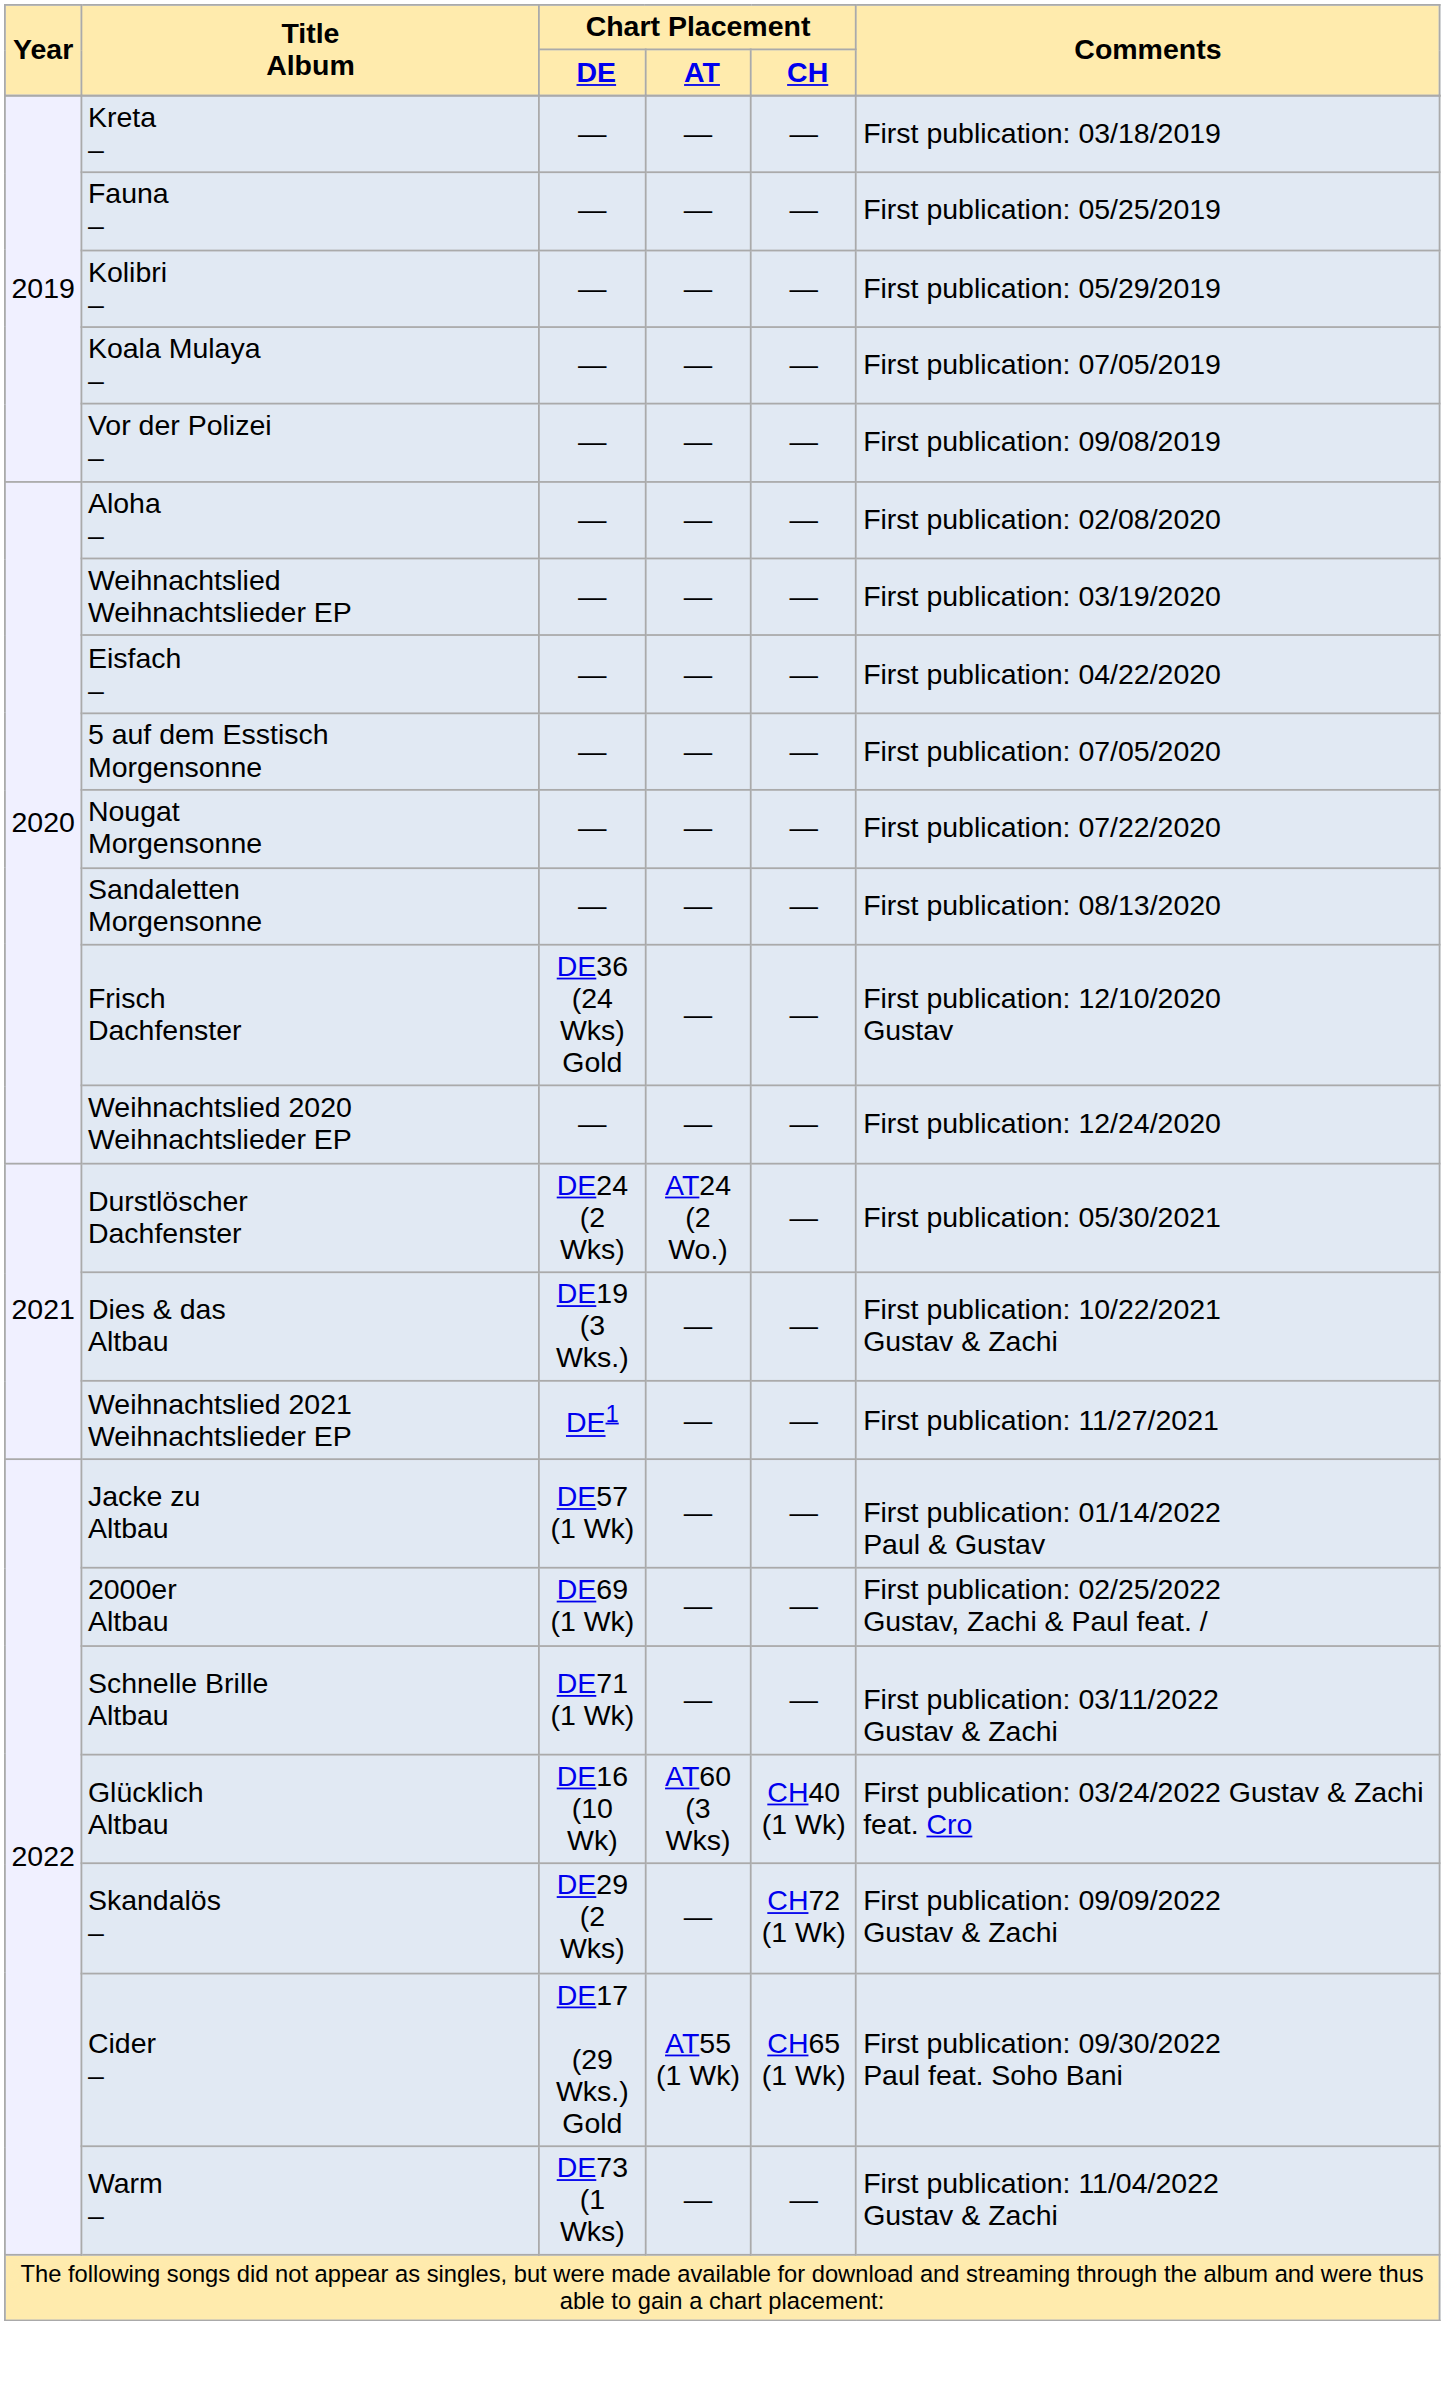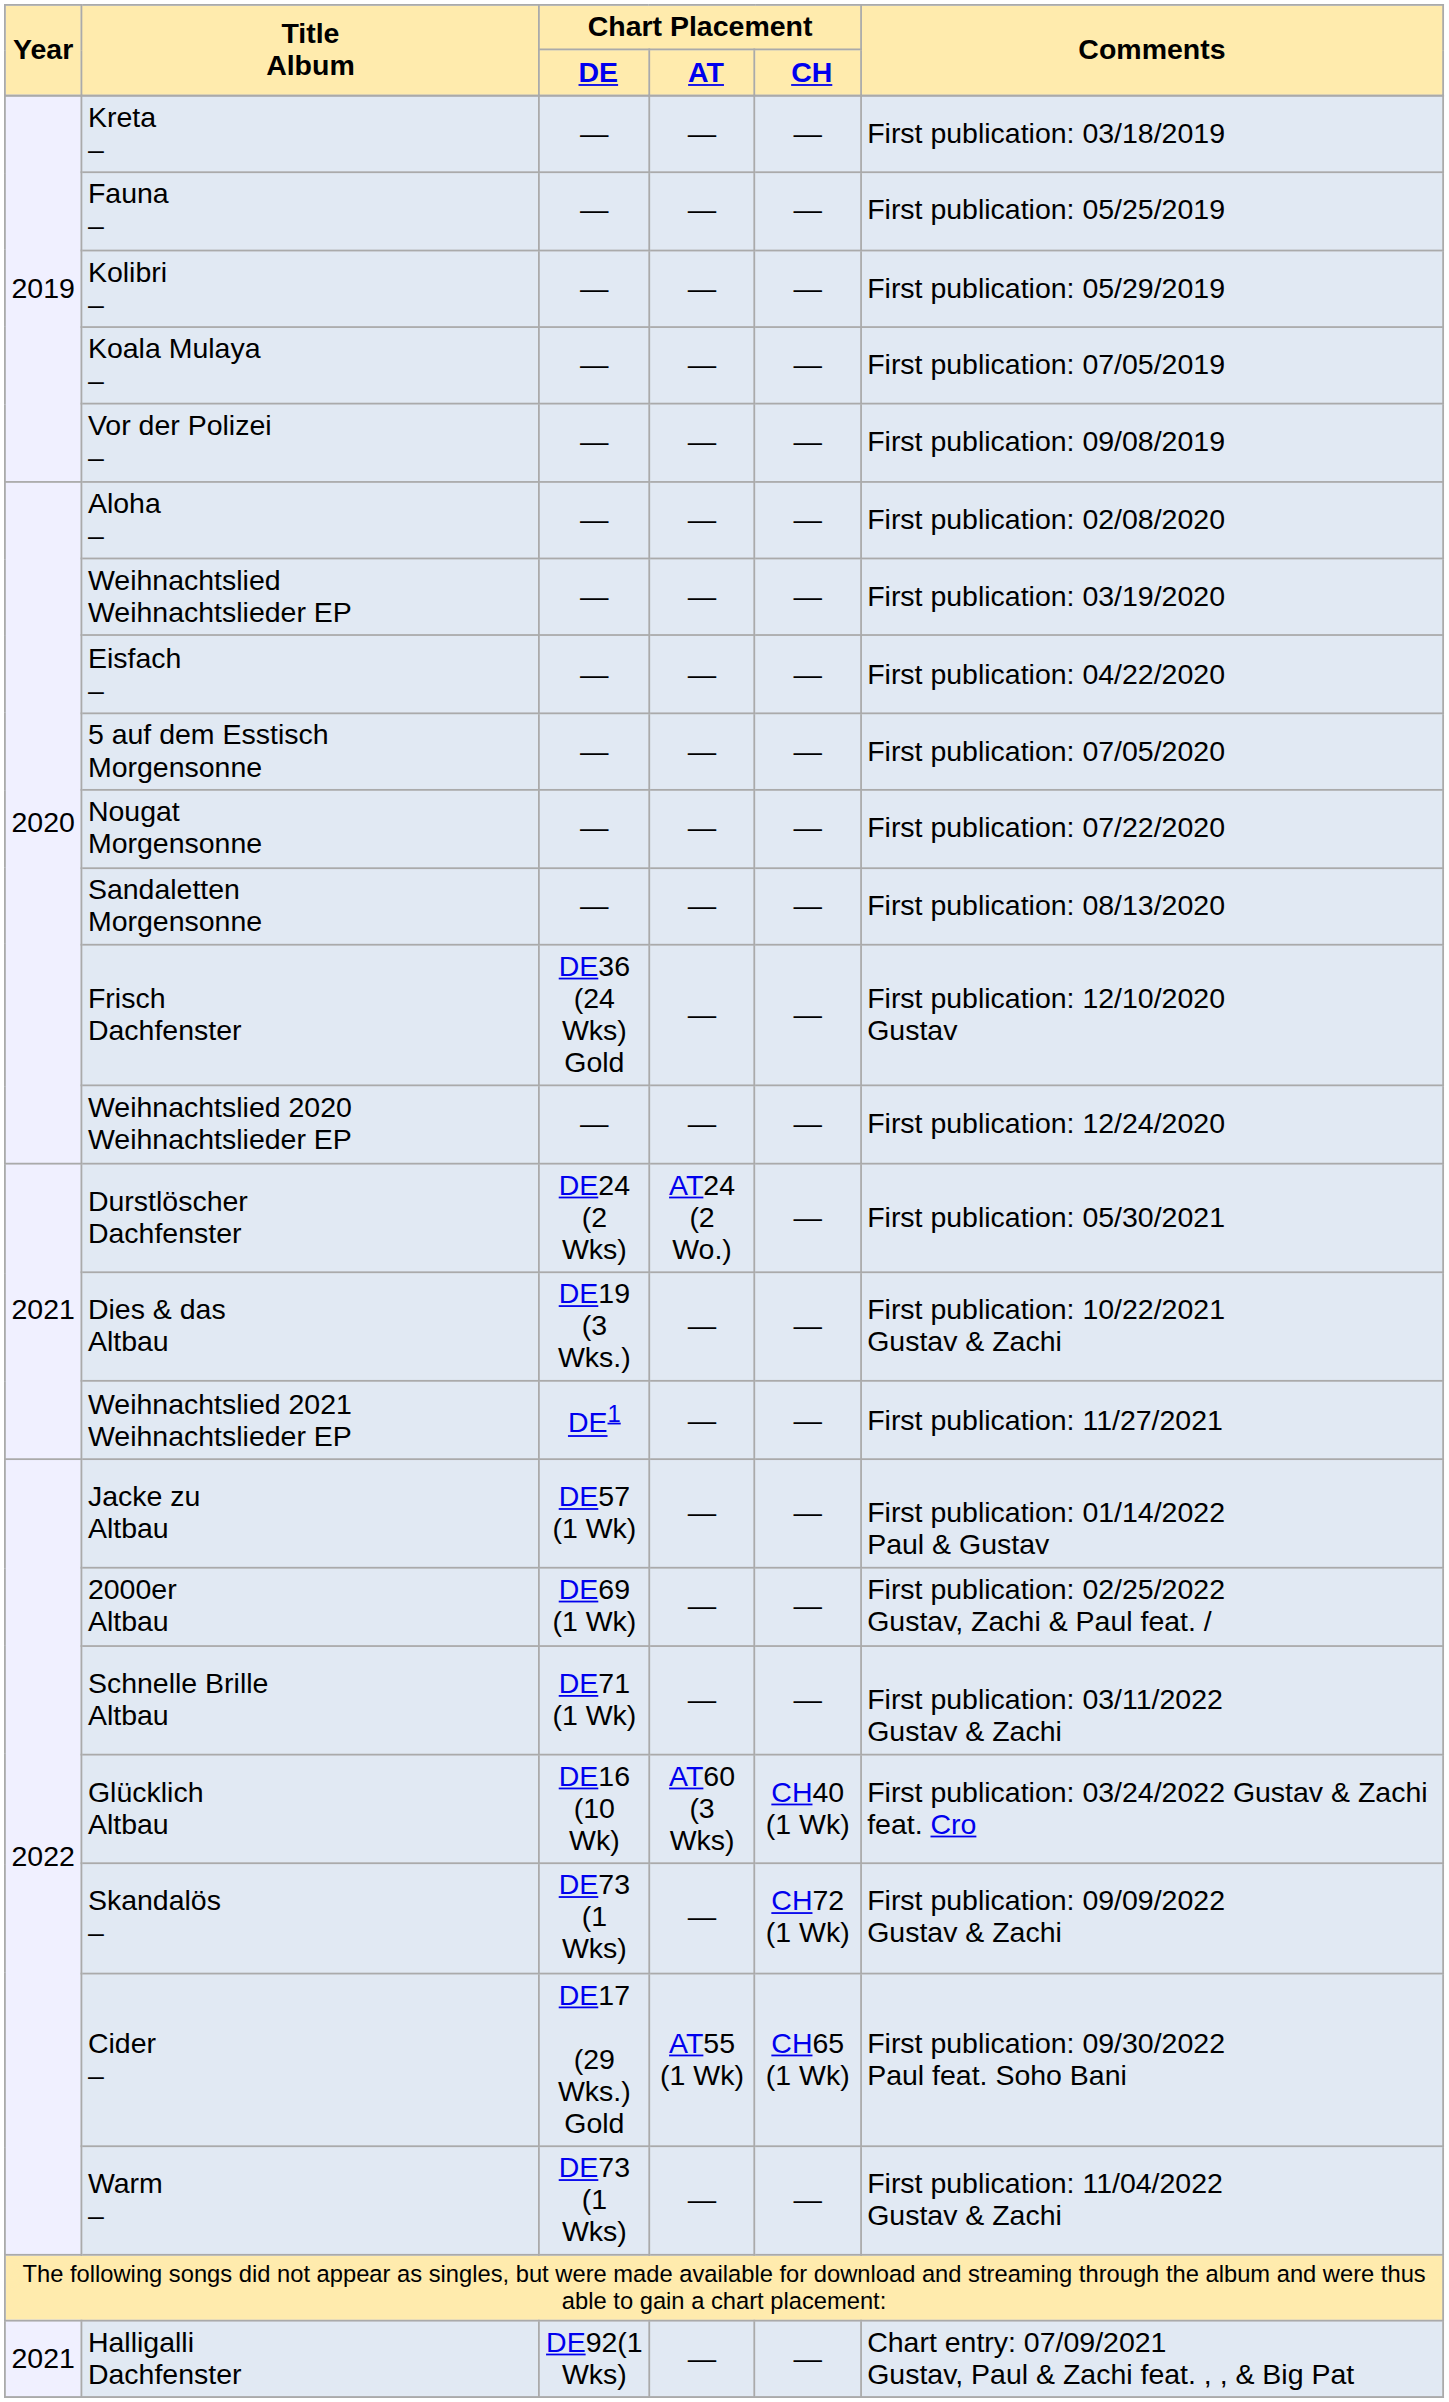 <table class="wikitable charts-table charts-tbor charts-stickyhead charts-zebragrey" style="text-align:center; background-color:#E1E9F3;">
 <tr>
 <th rowspan="2" style="width:25px;background-color:#FFEBAD;" class="charts-th charts-trh">Year</th>
 <th rowspan="2" style="width:250px;background-color:#FFEBAD;" class="charts-th charts-trh">Title<br><span>Album</span></th>
 <th colspan="3" style="width:25px;background-color:#FFEBAD;" class="charts-th"><span><span><span>Chart Placement</span></span></span></th>
 <th rowspan="2" style="width:320px;background-color:#FFEBAD;" class="charts-th charts-trh">Comments</th>
 </tr>
 <tr class="charts-trh">
 <th style="width:52px;background-color:#FFEBAD;" class="charts-th"> <a href='#'>DE</a></th>
 <th style="width:52px;background-color:#FFEBAD;" class="charts-th"> <a href='#'>AT</a></th>
 <th style="width:52px;background-color:#FFEBAD;" class="charts-th"> <a href='#'>CH</a></th>
 </tr>
 <tr>
 </tr>
 <tr>
 <td rowspan="5" style="background-color:#f0f0ff;">2019</td>
 <td style="text-align:left;">Kreta<br><span>–</span></td>
 <td class="charts-hidm">—</td>
 <td class="charts-hidm">—</td>
 <td class="charts-hidm">—</td>
 <td style="text-align:left;">First publication:  03/18/2019</td>
 </tr>
 <tr>
 <td style="text-align:left;">Fauna<br><span>–</span></td>
 <td class="charts-hidm">—</td>
 <td class="charts-hidm">—</td>
 <td class="charts-hidm">—</td>
 <td style="text-align:left;">First publication:  05/25/2019</td>
 </tr>
 <tr>
 <td style="text-align:left;">Kolibri<br><span>–</span></td>
 <td class="charts-hidm">—</td>
 <td class="charts-hidm">—</td>
 <td class="charts-hidm">—</td>
 <td style="text-align:left;">First publication: 05/29/2019</td>
 </tr>
 <tr>
 <td style="text-align:left;">Koala Mulaya<br><span>–</span></td>
 <td class="charts-hidm">—</td>
 <td class="charts-hidm">—</td>
 <td class="charts-hidm">—</td>
 <td style="text-align:left;">First publication: 07/05/2019</td>
 </tr>
 <tr>
 <td style="text-align:left;">Vor der Polizei<br><span>–</span></td>
 <td class="charts-hidm">—</td>
 <td class="charts-hidm">—</td>
 <td class="charts-hidm">—</td>
 <td style="text-align:left;">First publication: 09/08/2019</td>
 </tr>
 <tr>
 <td rowspan="8" style="background-color:#f0f0ff;">2020</td>
 <td style="text-align:left;">Aloha<br><span>–</span></td>
 <td class="charts-hidm">—</td>
 <td class="charts-hidm">—</td>
 <td class="charts-hidm">—</td>
 <td style="text-align:left;">First publication: 02/08/2020</td>
 </tr>
 <tr>
 <td style="text-align:left;">Weihnachtslied<br><span>Weihnachtslieder EP</span></td>
 <td class="charts-hidm">—</td>
 <td class="charts-hidm">—</td>
 <td class="charts-hidm">—</td>
 <td style="text-align:left;">First publication: 03/19/2020</td>
 </tr>
 <tr>
 <td style="text-align:left;">Eisfach<br><span>–</span></td>
 <td class="charts-hidm">—</td>
 <td class="charts-hidm">—</td>
 <td class="charts-hidm">—</td>
 <td style="text-align:left;">First publication: 04/22/2020</td>
 </tr>
 <tr>
 <td style="text-align:left;">5 auf dem Esstisch<br><span>Morgensonne</span></td>
 <td class="charts-hidm">—</td>
 <td class="charts-hidm">—</td>
 <td class="charts-hidm">—</td>
 <td style="text-align:left;">First publication: 07/05/2020</td>
 </tr>
 <tr>
 <td style="text-align:left;">Nougat<br><span>Morgensonne</span></td>
 <td class="charts-hidm">—</td>
 <td class="charts-hidm">—</td>
 <td class="charts-hidm">—</td>
 <td style="text-align:left;">First publication: 07/22/2020</td>
 </tr>
 <tr>
 <td style="text-align:left;">Sandaletten<br><span>Morgensonne</span></td>
 <td class="charts-hidm">—</td>
 <td class="charts-hidm">—</td>
 <td class="charts-hidm">—</td>
 <td style="text-align:left;">First publication: 08/13/2020</td>
 </tr>
 <tr>
 <td style="text-align:left;">Frisch<br><span>Dachfenster</span></td>
 <td><span><a href='#'>DE</a></span>36<br><span>(24 Wks)</span> <div><div></div><span>Gold</span></div></td>
 <td class="charts-hidm">—</td>
 <td class="charts-hidm">—</td>
 <td style="text-align:left;">First publication: 12/10/2020<br>Gustav</td>
 </tr>
 <tr>
 <td style="text-align:left;">Weihnachtslied 2020<br><span>Weihnachtslieder EP</span></td>
 <td class="charts-hidm">—</td>
 <td class="charts-hidm">—</td>
 <td class="charts-hidm">—</td>
 <td style="text-align:left;">First publication: 12/24/2020</td>
 </tr>
 <tr>
 <td rowspan="3" style="background-color:#f0f0ff;">2021</td>
 <td style="text-align:left;">Durstlöscher<br><span>Dachfenster</span></td>
 <td><span><a href='#'>DE</a></span>24<br><span>(2 Wks)</span></td>
 <td><span><a href='#'>AT</a></span>24<br><span>(2 Wo.)</span></td>
 <td class="charts-hidm">—</td>
 <td style="text-align:left;">First publication: 05/30/2021</td>
 </tr>
 <tr>
 <td style="text-align:left;">Dies & das<br><span>Altbau</span></td>
 <td><span><a href='#'>DE</a></span>19<br><span>(3 Wks.)</span></td>
 <td class="charts-hidm">—</td>
 <td class="charts-hidm">—</td>
 <td style="text-align:left;">First publication: 10/22/2021<br>Gustav & Zachi</td>
 </tr>
 <tr>
 <td style="text-align:left;">Weihnachtslied 2021<br><span>Weihnachtslieder EP</span></td>
 <td><span><a href='#'>DE</a></span><span><sup><a href='#'>1</a></sup></span></td>
 <td class="charts-hidm">—</td>
 <td class="charts-hidm">—</td>
 <td style="text-align:left;">First publication: 11/27/2021</td>
 </tr>
 <tr>
 <td rowspan="7" style="background-color:#f0f0ff;">2022</td>
 <td style="text-align:left;">Jacke zu<br><span>Altbau</span></td>
 <td><span><a href='#'>DE</a></span>57<br><span>(1 Wk)</span></td>
 <td class="charts-hidm">—</td>
 <td class="charts-hidm">—</td>
 <td style="text-align:left;"><br>First publication: 01/14/2022<br>Paul & Gustav</td>
 </tr>
 <tr>
 <td style="text-align:left;">2000er<br><span>Altbau</span></td>
 <td><span><a href='#'>DE</a></span>69<br><span>(1 Wk)</span></td>
 <td class="charts-hidm">—</td>
 <td class="charts-hidm">—</td>
 <td style="text-align:left;">First publication:  02/25/2022<br>Gustav, Zachi & Paul feat. /</td>
 </tr>
 <tr>
 <td style="text-align:left;">Schnelle Brille<br><span>Altbau</span></td>
 <td><span><a href='#'>DE</a></span>71<br><span>(1 Wk)</span></td>
 <td class="charts-hidm">—</td>
 <td class="charts-hidm">—</td>
 <td style="text-align:left;"><br>First publication: 03/11/2022<br>Gustav & Zachi</td>
 </tr>
 <tr>
 <td style="text-align:left;">Glücklich<br><span>Altbau</span></td>
 <td><span><a href='#'>DE</a></span>16<br><span>(10 Wk)</span></td>
 <td><span><a href='#'>AT</a></span>60<br><span>(3 Wks)</span></td>
 <td><span><a href='#'>CH</a></span>40<br><span>(1 Wk)</span></td>
 <td style="text-align:left;">First publication: 03/24/2022 Gustav & Zachi feat. <a href='#'>Cro</a></td>
 </tr>
 <tr>
 <td style="text-align:left;">Skandalös<br><span>–</span></td>
-<td><span><a href='#'>DE</a></span>29<br><span>(2 Wks)</span></td>
+<td><span><a href='#'>DE</a></span>73<br><span>(1 Wks)</span></td>
 <td class="charts-hidm">—</td>
 <td><span><a href='#'>CH</a></span>72<br><span>(1 Wk)</span></td>
 <td style="text-align:left;">First publication: 09/09/2022<br>Gustav & Zachi</td>
 </tr>
 <tr>
 <td style="text-align:left;">Cider<br><span>–</span></td>
 <td><span><a href='#'>DE</a></span>17 <div><br><span>(29 Wks.)</span><div></div><span>Gold</span></div></td>
 <td><span><a href='#'>AT</a></span>55<br><span>(1 Wk)</span></td>
 <td><span><a href='#'>CH</a></span>65<br><span>(1 Wk)</span></td>
 <td style="text-align:left;">First publication: 09/30/2022<br>Paul feat. Soho Bani</td>
 </tr>
 <tr>
 <td style="text-align:left;">Warm<br><span>–</span></td>
 <td><span><a href='#'>DE</a></span>73<br><span>(1 Wks)</span></td>
 <td class="charts-hidm">—</td>
 <td class="charts-hidm">—</td>
 <td style="text-align:left;">First publication: 11/04/2022<br>Gustav & Zachi</td>
 </tr>
 <tr class="sortbottom">
 <td colspan="6" style="background-color:#FFEBAD;font-size:smaller;">The following songs did not appear as singles, but were made available for download and streaming through the album and were thus able to gain a chart placement:</td>
 </tr>
 <tr>
+<td style="background-color:#f0f0ff;">2021</td>
+<td style="text-align:left;">Halligalli<br><span>Dachfenster</span></td>
+<td><span><a href='#'>DE</a></span>92<span>(1 Wks)</span></td>
+<td class="charts-hidm">—</td>
+<td class="charts-hidm">—</td>
+<td style="text-align:left;">Chart entry: 07/09/2021<br>Gustav, Paul & Zachi feat. , ,  & Big Pat</td>
+</tr>
+<tr>
 </tr>
 </table>
